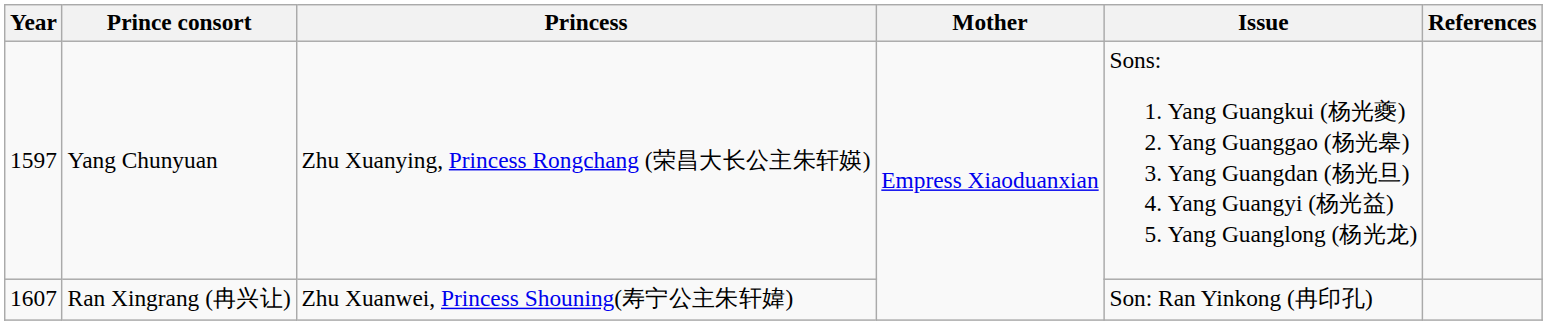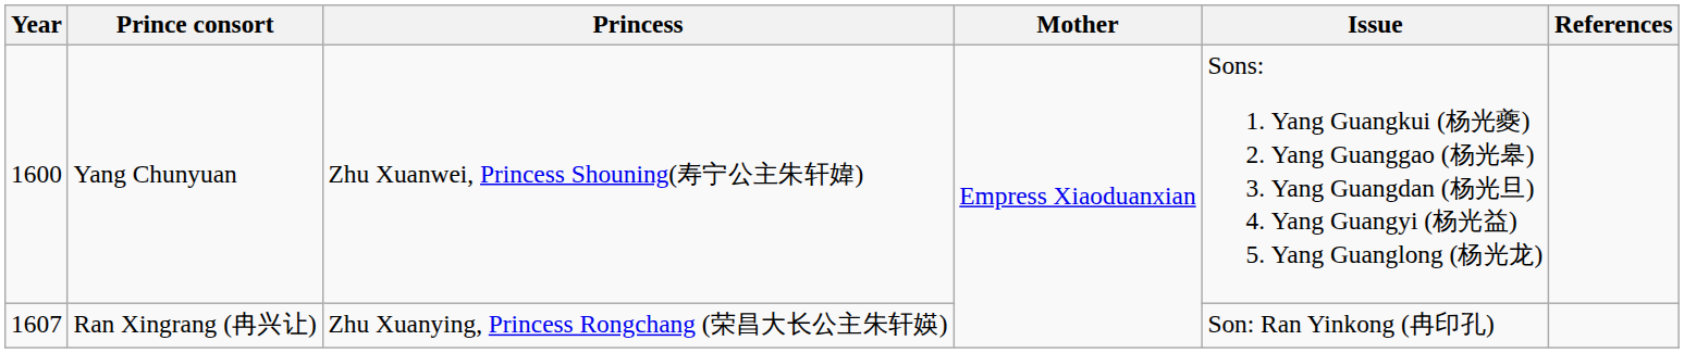 <table class="wikitable">
 <tr>
 <th>Year</th>
 <th>Prince consort</th>
 <th>Princess</th>
 <th>Mother</th>
 <th>Issue</th>
 <th>References</th>
 </tr>
 <tr>
-<td>1597</td>
+<td>1600</td>
 <td>Yang Chunyuan</td>
-<td>Zhu Xuanying, <a href='#'>Princess Rongchang</a> (荣昌大长公主朱轩媖)</td>
+<td>Zhu Xuanwei, <a href='#'>Princess Shouning</a>(寿宁公主朱轩媁)</td>
 <td rowspan="2"><a href='#'>Empress Xiaoduanxian</a></td>
 <td>Sons:<br><ol><li>Yang Guangkui (杨光夔)</li><li>Yang Guanggao (杨光皋)</li><li>Yang Guangdan (杨光旦)</li><li>Yang Guangyi (杨光益)</li><li>Yang Guanglong (杨光龙)</li></ol></td>
 <td></td>
 </tr>
 <tr>
 <td>1607</td>
 <td>Ran Xingrang (冉兴让)</td>
-<td>Zhu Xuanwei, <a href='#'>Princess Shouning</a>(寿宁公主朱轩媁)</td>
+<td>Zhu Xuanying, <a href='#'>Princess Rongchang</a> (荣昌大长公主朱轩媖)</td>
 <td>Son: Ran Yinkong (冉印孔)</td>
 <td></td>
 </tr>
 </table>
